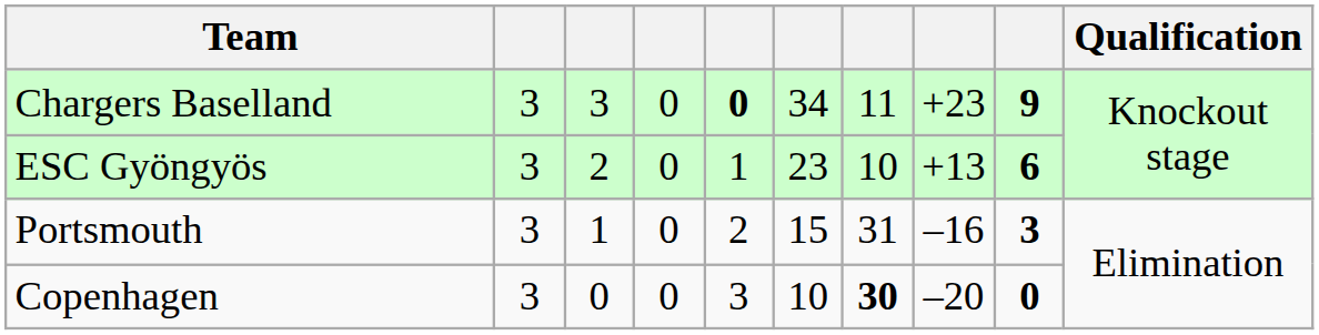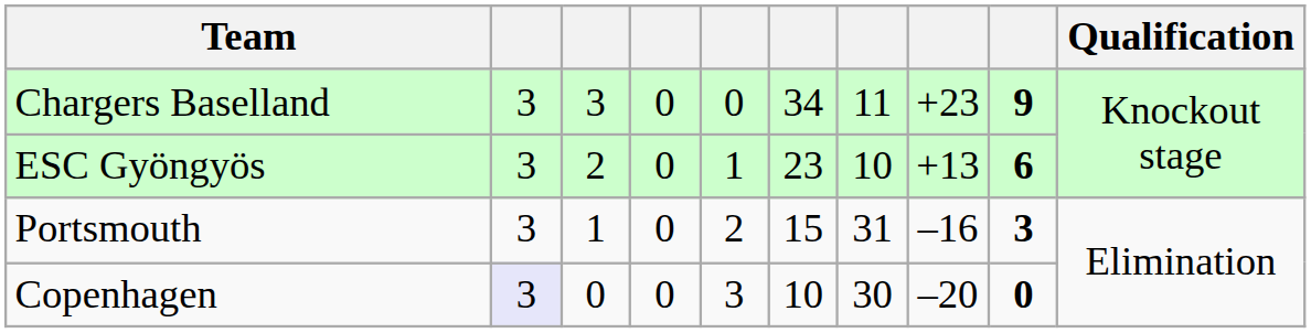 <table class="wikitable" style="text-align: center;">
 <tr>
 <th width="185">Team</th>
 <th width="20"></th>
 <th width="20"></th>
 <th width="20"></th>
 <th width="20"></th>
 <th width="20"></th>
 <th width="20"></th>
 <th width="20"></th>
 <th width="20"></th>
 <th width="20">Qualification</th>
 </tr>
 <tr bgcolor=#ccffcc>
 <td align=left> Chargers Baselland</td>
 <td>3</td>
 <td>3</td>
 <td>0</td>
-<td><strong>0</strong></td>
+<td>0</td>
 <td>34</td>
 <td>11</td>
 <td>+23</td>
 <td><strong>9</strong></td>
 <td rowspan=2>Knockout stage</td>
 </tr>
 <tr bgcolor=#ccffcc>
 <td align=left> ESC Gyöngyös</td>
 <td>3</td>
 <td>2</td>
 <td>0</td>
 <td>1</td>
 <td>23</td>
 <td>10</td>
 <td>+13</td>
 <td><strong>6</strong></td>
 </tr>
 <tr>
 <td align=left> Portsmouth</td>
 <td>3</td>
 <td>1</td>
 <td>0</td>
 <td>2</td>
 <td>15</td>
 <td>31</td>
 <td>–16</td>
 <td><strong>3</strong></td>
 <td rowspan=2>Elimination</td>
 </tr>
 <tr>
 <td align=left> Copenhagen</td>
-<td>3</td>
+<td style="background: lavender;">3</td>
 <td>0</td>
 <td>0</td>
 <td>3</td>
 <td>10</td>
-<td><strong>30</strong></td>
+<td>30</td>
 <td>–20</td>
 <td><strong>0</strong></td>
 </tr>
 </table>
